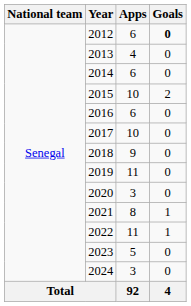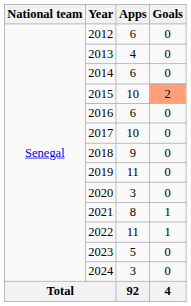 <table class="wikitable" style="text-align:center">
 <tr>
 <th>National team</th>
 <th>Year</th>
 <th>Apps</th>
 <th>Goals</th>
 </tr>
 <tr>
 <td rowspan="13"><a href='#'>Senegal</a></td>
 <td>2012</td>
 <td>6</td>
-<td><strong>0</strong></td>
+<td>0</td>
 </tr>
 <tr>
 <td>2013</td>
 <td>4</td>
 <td>0</td>
 </tr>
 <tr>
 <td>2014</td>
 <td>6</td>
 <td>0</td>
 </tr>
 <tr>
 <td>2015</td>
 <td>10</td>
-<td>2</td>
+<td style="background: lightsalmon;">2</td>
 </tr>
 <tr>
 <td>2016</td>
 <td>6</td>
 <td>0</td>
 </tr>
 <tr>
 <td>2017</td>
 <td>10</td>
 <td>0</td>
 </tr>
 <tr>
 <td>2018</td>
 <td>9</td>
 <td>0</td>
 </tr>
 <tr>
 <td>2019</td>
 <td>11</td>
 <td>0</td>
 </tr>
 <tr>
 <td>2020</td>
 <td>3</td>
 <td>0</td>
 </tr>
 <tr>
 <td>2021</td>
 <td>8</td>
 <td>1</td>
 </tr>
 <tr>
 <td>2022</td>
 <td>11</td>
 <td>1</td>
 </tr>
 <tr>
 <td>2023</td>
 <td>5</td>
 <td>0</td>
 </tr>
 <tr>
 <td>2024</td>
 <td>3</td>
 <td>0</td>
 </tr>
 <tr>
 <th colspan="2">Total</th>
 <th>92</th>
 <th>4</th>
 </tr>
 </table>
